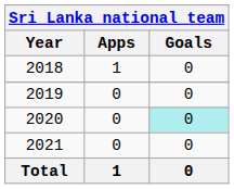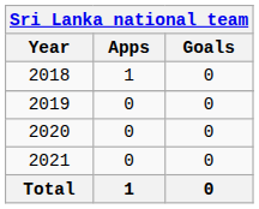 <table class="wikitable" style="text-align:center">
 <tr>
 <th colspan=3><a href='#'>Sri Lanka national team</a></th>
 </tr>
 <tr>
 <th>Year</th>
 <th>Apps</th>
 <th>Goals</th>
 </tr>
 <tr>
 <td>2018</td>
 <td>1</td>
 <td>0</td>
 </tr>
 <tr>
 </tr>
 <tr>
 <td>2019</td>
 <td>0</td>
 <td>0</td>
 </tr>
 <tr>
 <td>2020</td>
 <td>0</td>
-<td style="background: paleturquoise;">0</td>
+<td>0</td>
 </tr>
 <tr>
 <td>2021</td>
 <td>0</td>
 <td>0</td>
 </tr>
 <tr>
 <th>Total</th>
 <th>1</th>
 <th>0</th>
 </tr>
 </table>
